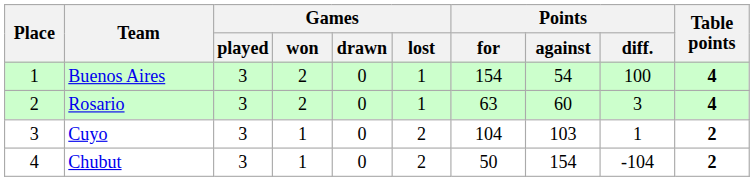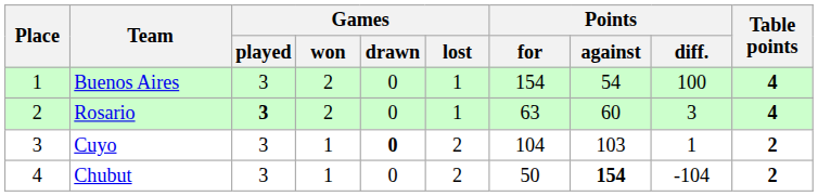 <table class="wikitable">
 <tr>
 <th rowspan=2 width="8%">Place</th>
 <th rowspan=2 width="20%">Team</th>
 <th colspan=4 width="32%">Games</th>
 <th colspan=3 width="30%">Points</th>
 <th rowspan=2 width="10%">Table<br>points</th>
 </tr>
 <tr>
 <th width="8%">played</th>
 <th width="8%">won</th>
 <th width="8%">drawn</th>
 <th width="8%">lost</th>
 <th width="10%">for</th>
 <th width="10%">against</th>
 <th width="10%">diff.</th>
 </tr>
 <tr align=center style="background: #ccffcc;">
 <td>1</td>
 <td align=left><a href='#'>Buenos Aires</a></td>
 <td>3</td>
 <td>2</td>
 <td>0</td>
 <td>1</td>
 <td>154</td>
 <td>54</td>
 <td>100</td>
 <td><strong>4</strong></td>
 </tr>
 <tr align=center style="background: #ccffcc;">
 <td>2</td>
 <td align=left><a href='#'>Rosario</a></td>
-<td>3</td>
+<td><strong>3</strong></td>
 <td>2</td>
 <td>0</td>
 <td>1</td>
 <td>63</td>
 <td>60</td>
 <td>3</td>
 <td><strong>4</strong></td>
 </tr>
 <tr align=center style="background: #ffffff;">
 <td>3</td>
 <td align=left><a href='#'>Cuyo</a></td>
 <td>3</td>
 <td>1</td>
-<td>0</td>
+<td><strong>0</strong></td>
 <td>2</td>
 <td>104</td>
 <td>103</td>
 <td>1</td>
 <td><strong>2</strong></td>
 </tr>
 <tr align=center style="background: #ffffff;">
 <td>4</td>
 <td align=left><a href='#'>Chubut</a></td>
 <td>3</td>
 <td>1</td>
 <td>0</td>
 <td>2</td>
 <td>50</td>
-<td>154</td>
+<td><strong>154</strong></td>
 <td>-104</td>
 <td><strong>2</strong></td>
 </tr>
 </table>
